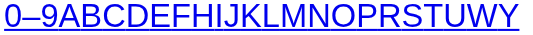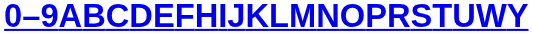 <table id="toc" class="toc" summary="Class">
 <tr>
 <th></th>
 </tr>
 <tr>
-<td style="text-align:center;"><a href='#'>0–9</a><a href='#'>A</a><a href='#'>B</a><a href='#'>C</a><a href='#'>D</a><a href='#'>E</a><a href='#'>F</a><a href='#'>H</a><a href='#'>I</a><a href='#'>J</a><a href='#'>K</a><a href='#'>L</a><a href='#'>M</a><a href='#'>N</a><a href='#'>O</a><a href='#'>P</a><a href='#'>R</a><a href='#'>S</a><a href='#'>T</a><a href='#'>U</a><a href='#'>W</a><a href='#'>Y</a></td>
+<td style="text-align:center;"><strong><a href='#'>0–9</a><a href='#'>A</a><a href='#'>B</a><a href='#'>C</a><a href='#'>D</a><a href='#'>E</a><a href='#'>F</a><a href='#'>H</a><a href='#'>I</a><a href='#'>J</a><a href='#'>K</a><a href='#'>L</a><a href='#'>M</a><a href='#'>N</a><a href='#'>O</a><a href='#'>P</a><a href='#'>R</a><a href='#'>S</a><a href='#'>T</a><a href='#'>U</a><a href='#'>W</a><a href='#'>Y</a></strong></td>
 </tr>
 </table>
